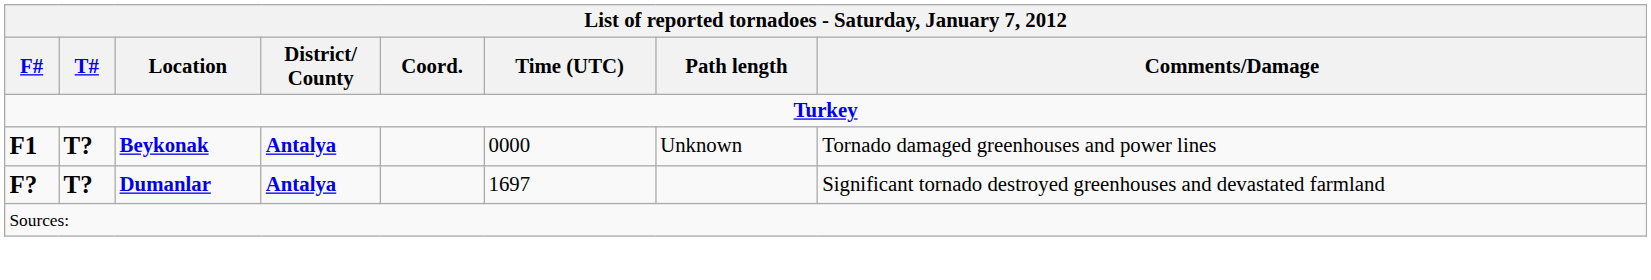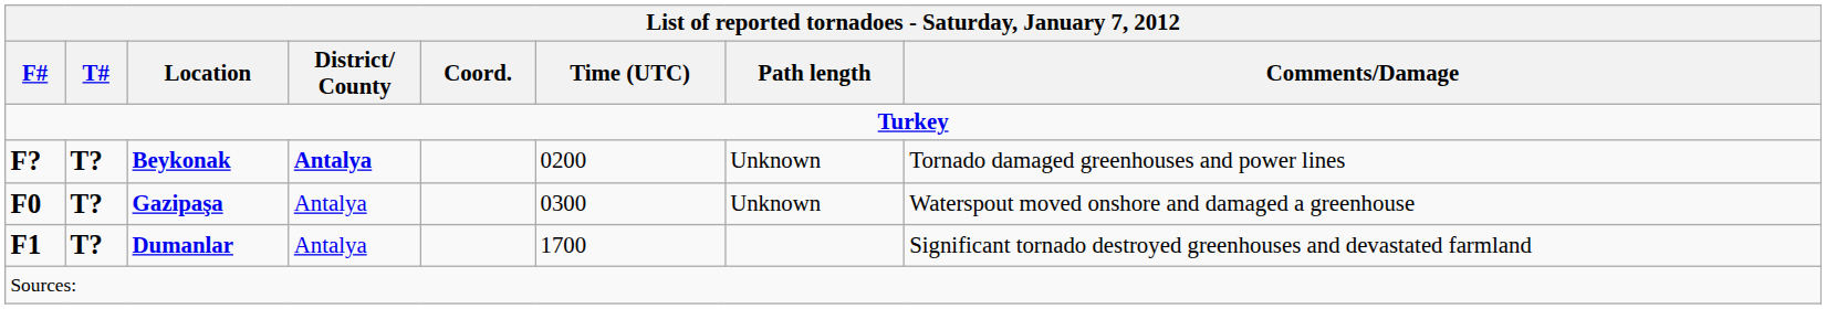 <table class="wikitable collapsible" width="100%">
 <tr>
 <th colspan="8">List of reported tornadoes - Saturday, January 7, 2012</th>
 </tr>
 <tr>
 <th><a href='#'>F#</a></th>
 <th><a href='#'>T#</a></th>
 <th>Location</th>
 <th>District/<br>County</th>
 <th>Coord.</th>
 <th>Time (UTC)</th>
 <th>Path length</th>
 <th>Comments/Damage</th>
 </tr>
 <tr>
 <td colspan="8" align=center><strong><a href='#'>Turkey</a></strong></td>
 </tr>
 <tr>
-<td><big><strong>F1</strong></big></td>
+<td><big><strong>F?</strong></big></td>
 <td><big><strong>T?</strong></big></td>
 <td><strong><a href='#'>Beykonak</a></strong></td>
 <td><strong><a href='#'>Antalya</a></strong></td>
 <td></td>
-<td>0000</td>
+<td>0200</td>
 <td>Unknown</td>
 <td>Tornado damaged greenhouses and power lines</td>
 </tr>
 <tr>
-<td><big><strong>F?</strong></big></td>
+<td><big><strong>F0</strong></big></td>
+<td><big><strong>T?</strong></big></td>
+<td><strong><a href='#'>Gazipaşa</a></strong></td>
+<td><a href='#'>Antalya</a></td>
+<td></td>
+<td>0300</td>
+<td>Unknown</td>
+<td>Waterspout moved onshore and damaged a greenhouse</td>
+</tr>
+<tr>
+<td><big><strong>F1</strong></big></td>
 <td><big><strong>T?</strong></big></td>
 <td><strong><a href='#'>Dumanlar</a></strong></td>
-<td><strong><a href='#'>Antalya</a></strong></td>
+<td><a href='#'>Antalya</a></td>
 <td></td>
-<td>1697</td>
+<td>1700</td>
 <td></td>
 <td>Significant tornado destroyed greenhouses and devastated farmland</td>
 </tr>
 <tr>
 <td colspan="8"><small>Sources:  </small></td>
 </tr>
 </table>
